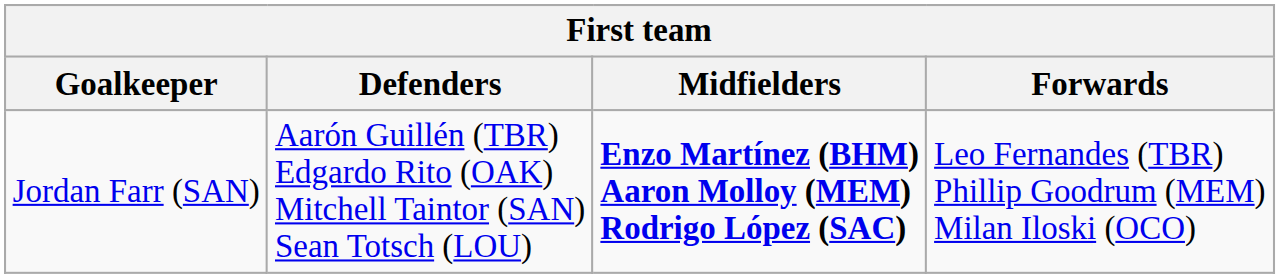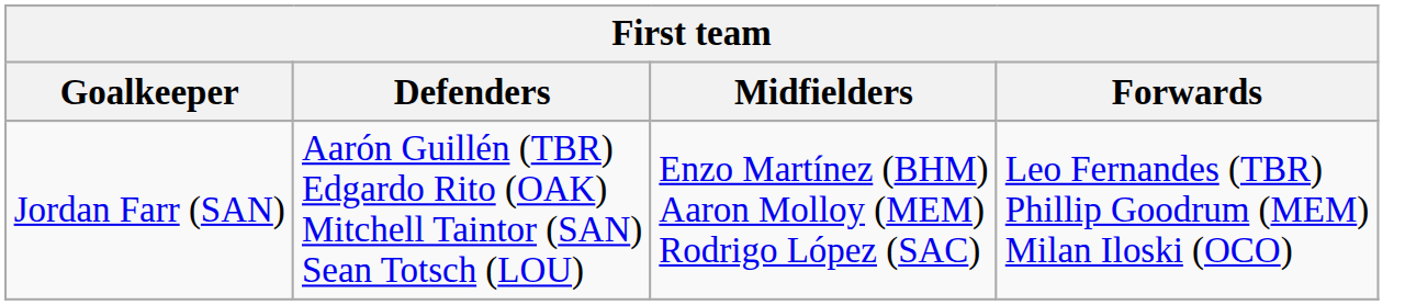 <table class="wikitable">
 <tr>
 <th colspan="4">First team</th>
 </tr>
 <tr>
 <th>Goalkeeper</th>
 <th>Defenders</th>
 <th>Midfielders</th>
 <th>Forwards</th>
 </tr>
 <tr>
 <td> <a href='#'>Jordan Farr</a> (<a href='#'>SAN</a>)</td>
 <td> <a href='#'>Aarón Guillén</a> (<a href='#'>TBR</a>)<br> <a href='#'>Edgardo Rito</a> (<a href='#'>OAK</a>)<br> <a href='#'>Mitchell Taintor</a> (<a href='#'>SAN</a>)<br> <a href='#'>Sean Totsch</a> (<a href='#'>LOU</a>)</td>
-<td><strong> <a href='#'>Enzo Martínez</a> (<a href='#'>BHM</a>)<br> <a href='#'>Aaron Molloy</a> (<a href='#'>MEM</a>)<br> <a href='#'>Rodrigo López</a> (<a href='#'>SAC</a>)</strong></td>
+<td> <a href='#'>Enzo Martínez</a> (<a href='#'>BHM</a>)<br> <a href='#'>Aaron Molloy</a> (<a href='#'>MEM</a>)<br> <a href='#'>Rodrigo López</a> (<a href='#'>SAC</a>)</td>
 <td> <a href='#'>Leo Fernandes</a> (<a href='#'>TBR</a>)<br> <a href='#'>Phillip Goodrum</a> (<a href='#'>MEM</a>)<br> <a href='#'>Milan Iloski</a> (<a href='#'>OCO</a>)</td>
 </tr>
 </table>
